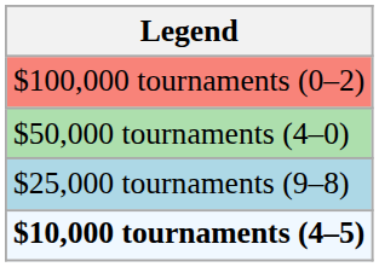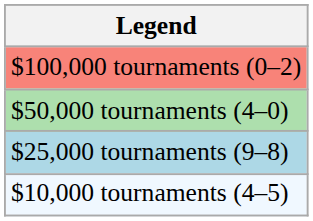 <table class="wikitable" style="font-size:85%; ">
 <tr>
 <th>Legend</th>
 </tr>
 <tr style="background:#f88379;">
 <td>$100,000 tournaments (0–2)</td>
 </tr>
 <tr style="background:#addfad;">
 <td>$50,000 tournaments (4–0)</td>
 </tr>
 <tr style="background:lightblue;">
 <td>$25,000 tournaments (9–8)</td>
 </tr>
 <tr style="background:#f0f8ff;">
-<td><strong>$10,000 tournaments (4–5)</strong></td>
+<td>$10,000 tournaments (4–5)</td>
 </tr>
 </table>
